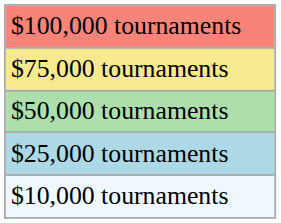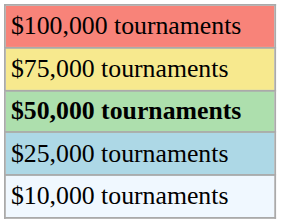 <table class="wikitable" style="font-size:90%;" width=12%>
 <tr bgcolor="#F88379">
 <td>$100,000 tournaments</td>
 </tr>
 <tr bgcolor="#F7E98E">
 <td>$75,000 tournaments</td>
 </tr>
 <tr bgcolor="#ADDFAD">
-<td>$50,000 tournaments</td>
+<td><strong>$50,000 tournaments</strong></td>
 </tr>
 <tr bgcolor="lightblue">
 <td>$25,000 tournaments</td>
 </tr>
 <tr bgcolor="#f0f8ff">
 <td>$10,000 tournaments</td>
 </tr>
 </table>
